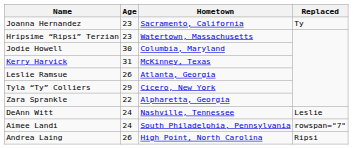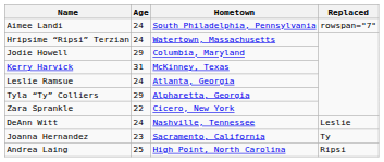 <table class="wikitable sortable plainrowheaders">
 <tr>
 <th scope="col">Name</th>
 <th scope="col">Age</th>
 <th scope="col">Hometown</th>
 <th scope="col">Replaced</th>
 </tr>
 <tr>
-<td scope="row">Joanna Hernandez</td>
-<td>23</td>
-<td><a href='#'>Sacramento, California</a></td>
-<td>Ty</td>
+<td scope="row">Aimee Landi</td>
+<td>24</td>
+<td><a href='#'>South Philadelphia, Pennsylvania</a></td>
+<td>rowspan="7" </td>
 </tr>
 <tr>
 <td scope="row">Hripsime “Ripsi” Terzian</td>
-<td>23</td>
+<td>24</td>
 <td><a href='#'>Watertown, Massachusetts</a></td>
 </tr>
 <tr>
 <td scope="row">Jodie Howell</td>
-<td>30</td>
+<td>29</td>
 <td><a href='#'>Columbia, Maryland</a></td>
 </tr>
 <tr>
 <td scope="row"><a href='#'>Kerry Harvick</a></td>
 <td>31</td>
 <td><a href='#'>McKinney, Texas</a></td>
 </tr>
 <tr>
 <td scope="row">Leslie Ramsue</td>
-<td>26</td>
+<td>24</td>
 <td><a href='#'>Atlanta, Georgia</a></td>
 </tr>
 <tr>
 <td scope="row">Tyla “Ty” Colliers</td>
 <td>29</td>
-<td><a href='#'>Cicero, New York</a></td>
+<td><a href='#'>Alpharetta, Georgia</a></td>
 </tr>
 <tr>
 <td scope="row">Zara Sprankle</td>
 <td>22</td>
-<td><a href='#'>Alpharetta, Georgia</a></td>
+<td><a href='#'>Cicero, New York</a></td>
 </tr>
 <tr>
 <td scope="row">DeAnn Witt</td>
 <td>24</td>
 <td><a href='#'>Nashville, Tennessee</a></td>
 <td>Leslie</td>
 </tr>
 <tr>
-<td scope="row">Aimee Landi</td>
-<td>24</td>
-<td><a href='#'>South Philadelphia, Pennsylvania</a></td>
-<td>rowspan="7" </td>
+<td scope="row">Joanna Hernandez</td>
+<td>23</td>
+<td><a href='#'>Sacramento, California</a></td>
+<td>Ty</td>
 </tr>
 <tr>
 <td scope="row">Andrea Laing</td>
-<td>26</td>
+<td>25</td>
 <td><a href='#'>High Point, North Carolina</a></td>
 <td>Ripsi</td>
 </tr>
 </table>
